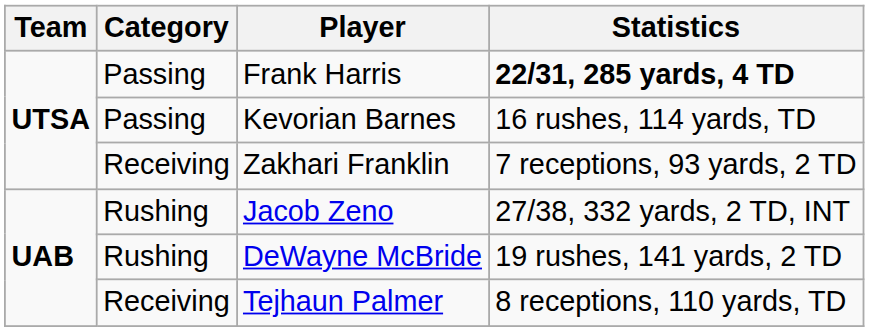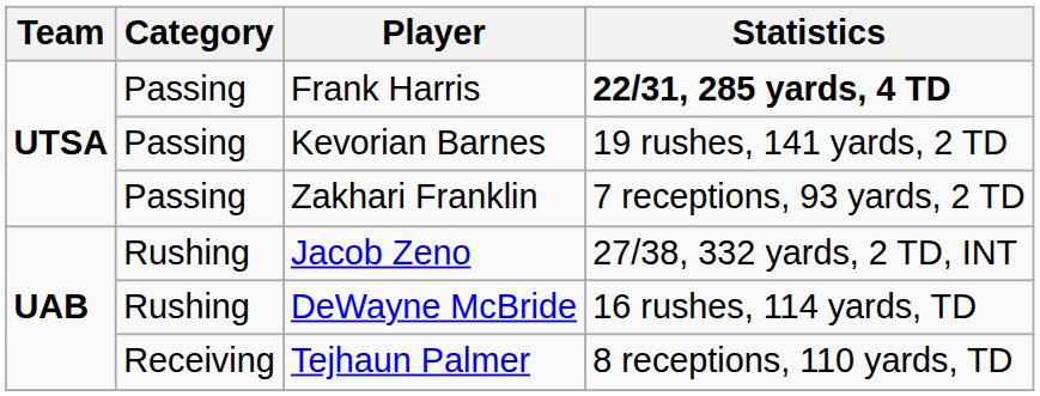 <table class="wikitable" style="float: left;">
 <tr>
 <th>Team</th>
 <th>Category</th>
 <th>Player</th>
 <th>Statistics</th>
 </tr>
 <tr>
 <td rowspan=3><strong>UTSA</strong></td>
 <td>Passing</td>
 <td>Frank Harris</td>
 <td><strong>22/31, 285 yards, 4 TD</strong></td>
 </tr>
 <tr>
 <td>Passing</td>
 <td>Kevorian Barnes</td>
-<td>16 rushes, 114 yards, TD</td>
+<td>19 rushes, 141 yards, 2 TD</td>
 </tr>
 <tr>
-<td>Receiving</td>
+<td>Passing</td>
 <td>Zakhari Franklin</td>
 <td>7 receptions, 93 yards, 2 TD</td>
 </tr>
 <tr>
 <td rowspan=3><strong>UAB</strong></td>
 <td>Rushing</td>
 <td><a href='#'>Jacob Zeno</a></td>
 <td>27/38, 332 yards, 2 TD, INT</td>
 </tr>
 <tr>
 <td>Rushing</td>
 <td><a href='#'>DeWayne McBride</a></td>
-<td>19 rushes, 141 yards, 2 TD</td>
+<td>16 rushes, 114 yards, TD</td>
 </tr>
 <tr>
 <td>Receiving</td>
 <td><a href='#'>Tejhaun Palmer</a></td>
 <td>8 receptions, 110 yards, TD</td>
 </tr>
 </table>
